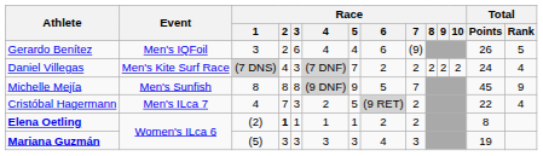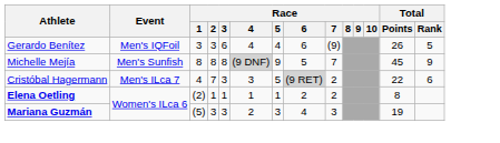 <table class="wikitable" style="font-size:90%;text-align:center">
 <tr>
 <th rowspan="2">Athlete</th>
 <th rowspan="2">Event</th>
 <th colspan="10">Race</th>
 <th colspan="2">Total</th>
 </tr>
 <tr style="font-size:95%">
 <th>1</th>
 <th>2</th>
 <th>3</th>
 <th>4</th>
 <th>5</th>
 <th>6</th>
 <th>7</th>
 <th>8</th>
 <th>9</th>
 <th>10</th>
 <th>Points</th>
 <th>Rank</th>
 </tr>
 <tr>
 <td align="left"><a href='#'>Gerardo Benítez</a></td>
 <td><a href='#'>Men's IQFoil</a></td>
 <td>3</td>
-<td>2</td>
+<td>3</td>
 <td>6</td>
 <td>4</td>
 <td>4</td>
 <td>6</td>
 <td>(9)</td>
 <td colspan="3" ; style="background: #A9A9A9"></td>
 <td>26</td>
 <td>5</td>
-</tr>
-<tr>
-<td align="left"><a href='#'>Daniel Villegas</a></td>
-<td><a href='#'>Men's Kite Surf Race</a></td>
-<td style="background: #D3D3D3">(7 DNS)</td>
-<td>4</td>
-<td>3</td>
-<td style="background: #D3D3D3">(7 DNF)</td>
-<td>7</td>
-<td>2</td>
-<td>2</td>
-<td>2</td>
-<td>2</td>
-<td>2</td>
-<td>24</td>
-<td>4</td>
 </tr>
 <tr>
 <td align="left"><a href='#'>Michelle Mejía</a></td>
 <td><a href='#'>Men's Sunfish</a></td>
 <td>8</td>
 <td>8</td>
 <td>8</td>
 <td style="background: #D3D3D3">(9 DNF)</td>
 <td>9</td>
 <td>5</td>
 <td>7</td>
 <td colspan="3" ; style="background: #A9A9A9"></td>
 <td>45</td>
 <td>9</td>
 </tr>
 <tr>
 <td align="left"><a href='#'>Cristóbal Hagermann</a></td>
 <td><a href='#'>Men's ILca 7</a></td>
 <td>4</td>
 <td>7</td>
 <td>3</td>
-<td>2</td>
+<td>3</td>
 <td>5</td>
 <td style="background: #D3D3D3">(9 RET)</td>
 <td>2</td>
 <td colspan="3" ; style="background: #A9A9A9"></td>
 <td>22</td>
-<td>4</td>
+<td>6</td>
 </tr>
 <tr>
 <td align="left"><strong><a href='#'>Elena Oetling</a></strong></td>
 <td rowspan="2"><a href='#'>Women's ILca 6</a></td>
 <td>(2)</td>
-<td><strong>1</strong></td>
+<td>1</td>
 <td>1</td>
 <td>1</td>
 <td>1</td>
 <td>2</td>
 <td>2</td>
 <td colspan="3" ; style="background: #A9A9A9"></td>
 <td>8</td>
 <td></td>
 </tr>
 <tr>
 <td align="left"><strong><a href='#'>Mariana Guzmán</a></strong></td>
 <td>(5)</td>
 <td>3</td>
 <td>3</td>
-<td>3</td>
+<td>2</td>
 <td>3</td>
 <td>4</td>
 <td>3</td>
 <td colspan="3" ; style="background: #A9A9A9"></td>
 <td>19</td>
 <td></td>
 </tr>
 </table>
